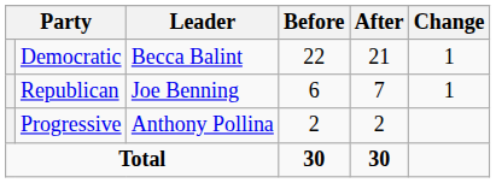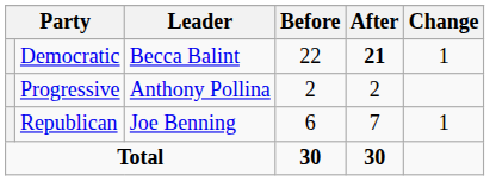 <table class="wikitable" style="text-align:center;">
 <tr>
 </tr>
 <tr>
 <th colspan=2>Party</th>
 <th>Leader</th>
 <th>Before</th>
 <th>After</th>
 <th>Change</th>
 </tr>
 <tr>
 <th style="background-color:"></th>
 <td style="text-align:left;"><a href='#'>Democratic</a></td>
 <td style="text-align:left;"><a href='#'>Becca Balint</a></td>
 <td>22</td>
-<td>21</td>
-<td> 1</td>
-</tr>
-<tr>
-<th style="background-color:"></th>
-<td style="text-align:left;"><a href='#'>Republican</a></td>
-<td style="text-align:left;"><a href='#'>Joe Benning</a></td>
-<td>6</td>
-<td>7</td>
+<td><strong>21</strong></td>
 <td> 1</td>
 </tr>
 <tr>
 <th style="background-color:"></th>
 <td style="text-align:left;"><a href='#'>Progressive</a></td>
 <td style="text-align:left;"><a href='#'>Anthony Pollina</a></td>
 <td>2</td>
 <td>2</td>
 <td></td>
 </tr>
 <tr>
+<th style="background-color:"></th>
+<td style="text-align:left;"><a href='#'>Republican</a></td>
+<td style="text-align:left;"><a href='#'>Joe Benning</a></td>
+<td>6</td>
+<td>7</td>
+<td> 1</td>
+</tr>
+<tr>
 <td colspan=3><strong>Total</strong></td>
 <td><strong>30</strong></td>
 <td><strong>30</strong></td>
 <td></td>
 </tr>
 </table>
